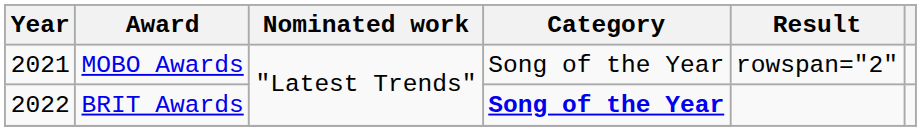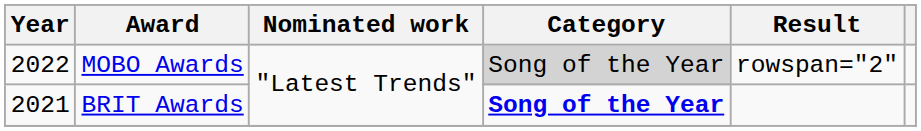 <table class="wikitable sortable plainrowheaders" style="width: auto;">
 <tr>
 <th scope="col">Year</th>
 <th scope="col">Award</th>
 <th scope="col">Nominated work</th>
 <th scope="col">Category</th>
 <th scope="col">Result</th>
 <th scope="col" class="unsortable"></th>
 </tr>
 <tr>
-<td>2021</td>
+<td>2022</td>
 <td><a href='#'>MOBO Awards</a></td>
 <td rowspan="2">"Latest Trends"</td>
-<td>Song of the Year</td>
+<td style="background: lightgrey;">Song of the Year</td>
 <td>rowspan="2" </td>
 <td style="text-align: center;"></td>
 </tr>
 <tr>
-<td>2022</td>
+<td>2021</td>
 <td><a href='#'>BRIT Awards</a></td>
 <td><strong><a href='#'>Song of the Year</a></strong></td>
 <td rowspan="2" style="text-align: center;"></td>
 </tr>
 <tr>
 </tr>
 </table>
